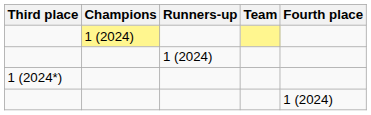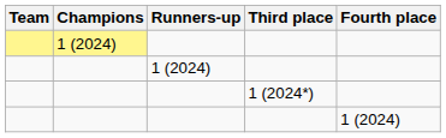 <table class="wikitable sortable">
 <tr>
-<th>Third place</th>
+<th>Team</th>
 <th>Champions</th>
 <th>Runners-up</th>
-<th>Team</th>
+<th>Third place</th>
 <th>Fourth place</th>
 </tr>
 <tr>
-<td></td>
+<td style=background:#FFF68F></td>
 <td style=background:#FFF68F>1 (2024)</td>
 <td></td>
-<td style=background:#FFF68F></td>
+<td></td>
 <td></td>
 </tr>
 <tr>
 <td></td>
 <td></td>
 <td>1 (2024)</td>
 <td></td>
 <td></td>
 </tr>
 <tr>
-<td>1 (2024*)</td>
 <td></td>
 <td></td>
 <td></td>
+<td>1 (2024*)</td>
 <td></td>
 </tr>
 <tr>
 <td></td>
 <td></td>
 <td></td>
 <td></td>
 <td>1 (2024)</td>
 </tr>
 </table>
